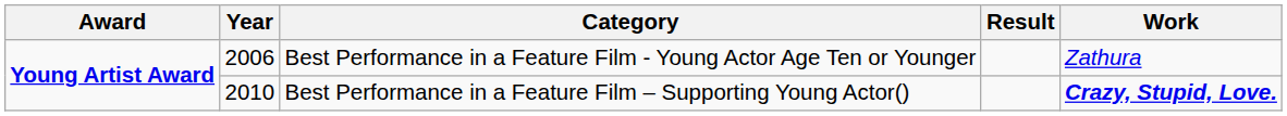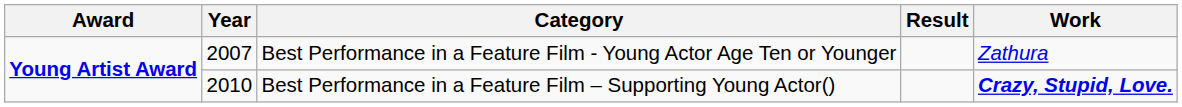 <table class="wikitable">
 <tr>
 <th scope="col">Award</th>
 <th scope="col">Year</th>
 <th scope="col">Category</th>
 <th scope="col">Result</th>
 <th scope="col">Work</th>
 </tr>
 <tr>
 <td rowspan=2><strong><a href='#'>Young Artist Award</a></strong></td>
-<td>2006</td>
+<td>2007</td>
 <td>Best Performance in a Feature Film - Young Actor Age Ten or Younger</td>
 <td></td>
 <td><em><a href='#'>Zathura</a></em></td>
 </tr>
 <tr>
 <td>2010</td>
 <td>Best Performance in a Feature Film – Supporting Young Actor()</td>
 <td></td>
 <td><strong><em><a href='#'>Crazy, Stupid, Love.</a></em></strong></td>
 </tr>
 </table>
